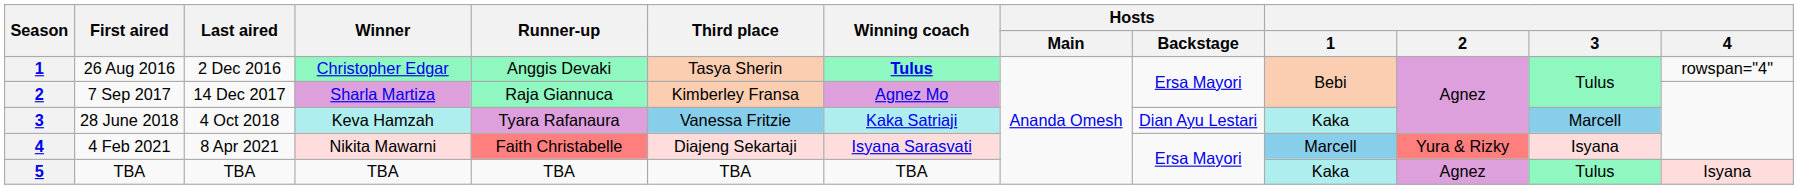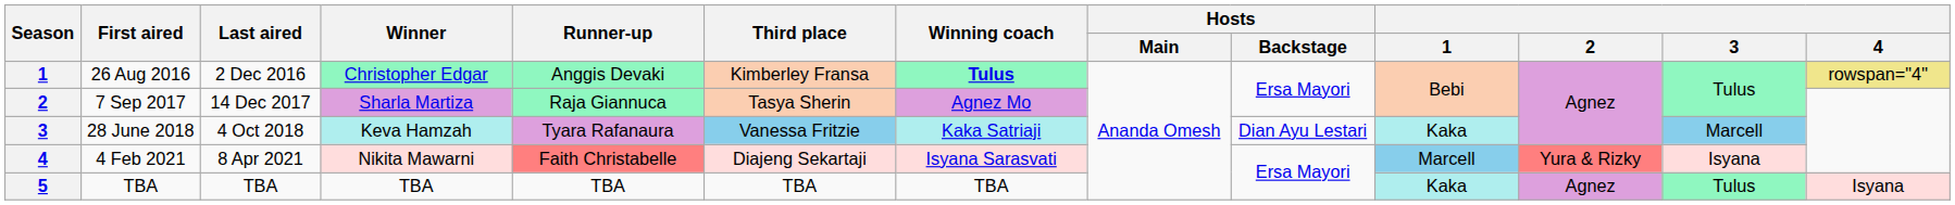 <table class="wikitable" style="text-align:center; font-size:90%; line-height:16px; width:100%">
 <tr>
 <th rowspan="2" scope="col" width="1%">Season</th>
 <th rowspan="2" scope="col" width="5%">First aired</th>
 <th rowspan="2" scope="col" width="5%">Last aired</th>
 <th rowspan="2" scope="col" width="8%">Winner</th>
 <th rowspan="2" scope="col" width="8%">Runner-up</th>
 <th rowspan="2" scope="col" width="8%">Third place</th>
 <th rowspan="2" scope="col" width="8%">Winning coach</th>
 <th colspan="2" scope="col" width="18%">Hosts</th>
 <th colspan="4" scope="col" width="15%"></th>
 </tr>
 <tr>
 <th width="6%">Main</th>
 <th width="6%">Backstage</th>
 <th width="6%">1</th>
 <th width="6%">2</th>
 <th width="6%">3</th>
 <th width="6%">4</th>
 </tr>
 <tr>
 <th><a href='#'>1</a></th>
 <td>26 Aug 2016</td>
 <td>2 Dec 2016</td>
 <td style="background:#8ff7c0"><a href='#'>Christopher Edgar</a></td>
 <td style="background:#8ff7c0">Anggis Devaki</td>
-<td style="background:#fbceb1">Tasya Sherin</td>
+<td style="background:#fbceb1">Kimberley Fransa</td>
 <td style="background:#8ff7c0"><strong><a href='#'>Tulus</a></strong></td>
 <td rowspan="5"><a href='#'>Ananda Omesh</a></td>
 <td rowspan="2"><a href='#'>Ersa Mayori</a></td>
 <td style="background:#fbceb1" rowspan="2">Bebi</td>
 <td style="background:#dda0dd" rowspan="3">Agnez</td>
 <td style="background:#8ff7c0" rowspan="2">Tulus</td>
-<td>rowspan="4" </td>
+<td style="background: khaki;">rowspan="4" </td>
 </tr>
 <tr>
 <th><a href='#'>2</a></th>
 <td>7 Sep 2017</td>
 <td>14 Dec 2017</td>
 <td style="background:#dda0dd"><a href='#'>Sharla Martiza</a></td>
 <td style="background:#8ff7c0">Raja Giannuca</td>
-<td style="background:#fbceb1">Kimberley Fransa</td>
+<td style="background:#fbceb1">Tasya Sherin</td>
 <td style="background:#dda0dd"><a href='#'>Agnez Mo</a></td>
 </tr>
 <tr>
 <th><a href='#'>3</a></th>
 <td>28 June 2018</td>
 <td>4 Oct 2018</td>
 <td style="background:#afeeee">Keva Hamzah</td>
 <td style="background:#dda0dd">Tyara Rafanaura</td>
 <td style="background:#87ceeb">Vanessa Fritzie</td>
 <td style="background:#afeeee"><a href='#'>Kaka Satriaji</a></td>
 <td><a href='#'>Dian Ayu Lestari</a></td>
 <td style="background:#afeeee">Kaka</td>
 <td style="background:#87ceeb">Marcell</td>
 </tr>
 <tr>
 <th><a href='#'>4</a></th>
 <td>4 Feb 2021</td>
 <td>8 Apr 2021</td>
 <td style="background:#ffdddd">Nikita Mawarni</td>
 <td style="background:#ff7f7f">Faith Christabelle</td>
 <td style="background:#ffdddd">Diajeng Sekartaji</td>
 <td style="background:#ffdddd"><a href='#'>Isyana Sarasvati</a></td>
 <td rowspan="2"><a href='#'>Ersa Mayori</a></td>
 <td style="background:#87ceeb">Marcell</td>
 <td style="background:#ff7f7f">Yura & Rizky</td>
 <td style="background:#ffdddd">Isyana</td>
 </tr>
 <tr>
 <th><a href='#'>5</a></th>
 <td>TBA</td>
 <td>TBA</td>
 <td>TBA</td>
 <td>TBA</td>
 <td>TBA</td>
 <td>TBA</td>
 <td style="background:#afeeee">Kaka</td>
 <td style="background:#dda0dd">Agnez</td>
 <td style="background:#8ff7c0">Tulus</td>
 <td style="background:#ffdddd">Isyana</td>
 </tr>
 </table>
